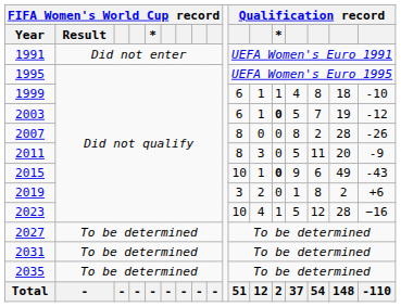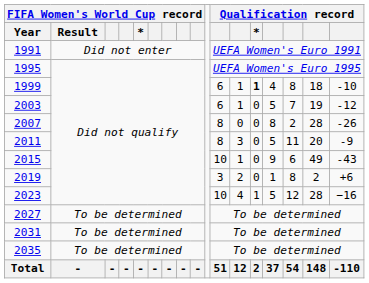 <table class="wikitable" style="text-align: center;">
 <tr>
 <th colspan=9><a href='#'>FIFA Women's World Cup</a> record</th>
 <td rowspan=100></td>
 <th colspan=7><a href='#'>Qualification</a> record</th>
 </tr>
 <tr>
 <th>Year</th>
 <th>Result</th>
 <th></th>
 <th></th>
 <th>*</th>
 <th></th>
 <th></th>
 <th></th>
 <th><br></th>
 <th></th>
 <th></th>
 <th>*</th>
 <th></th>
 <th></th>
 <th></th>
 <th></th>
 </tr>
 <tr>
 <td> <a href='#'>1991</a></td>
 <td colspan=8><em>Did not enter</em></td>
 <td colspan=7><em><a href='#'>UEFA Women's Euro 1991</a></em></td>
 </tr>
 <tr>
 <td> <a href='#'>1995</a></td>
 <td colspan=8 rowspan=8><em>Did not qualify</em></td>
 <td colspan=7><em><a href='#'>UEFA Women's Euro 1995</a></em></td>
 </tr>
 <tr>
 <td> <a href='#'>1999</a></td>
 <td>6</td>
 <td>1</td>
-<td>1</td>
+<td><strong>1</strong></td>
 <td>4</td>
 <td>8</td>
 <td>18</td>
 <td>-10</td>
 </tr>
 <tr>
 <td> <a href='#'>2003</a></td>
 <td>6</td>
 <td>1</td>
-<td><strong>0</strong></td>
+<td>0</td>
 <td>5</td>
 <td>7</td>
 <td>19</td>
 <td>-12</td>
 </tr>
 <tr>
 <td> <a href='#'>2007</a></td>
 <td>8</td>
 <td>0</td>
 <td>0</td>
 <td>8</td>
 <td>2</td>
 <td>28</td>
 <td>-26</td>
 </tr>
 <tr>
 <td> <a href='#'>2011</a></td>
 <td>8</td>
 <td>3</td>
 <td>0</td>
 <td>5</td>
 <td>11</td>
 <td>20</td>
 <td>-9</td>
 </tr>
 <tr>
 <td> <a href='#'>2015</a></td>
 <td>10</td>
 <td>1</td>
-<td><strong>0</strong></td>
+<td>0</td>
 <td>9</td>
 <td>6</td>
 <td>49</td>
 <td>-43</td>
 </tr>
 <tr>
 <td> <a href='#'>2019</a></td>
 <td>3</td>
 <td>2</td>
 <td>0</td>
 <td>1</td>
 <td>8</td>
 <td>2</td>
 <td>+6</td>
 </tr>
 <tr>
 <td> <a href='#'>2023</a></td>
 <td>10</td>
 <td>4</td>
 <td>1</td>
 <td>5</td>
 <td>12</td>
 <td>28</td>
 <td>−16</td>
 </tr>
 <tr>
 <td> <a href='#'>2027</a></td>
 <td colspan=8><em>To be determined</em></td>
 <td colspan=7><em>To be determined</em></td>
 </tr>
 <tr>
 <td> <a href='#'>2031</a></td>
 <td colspan=8><em>To be determined</em></td>
 <td colspan=7><em>To be determined</em></td>
 </tr>
 <tr>
 <td> <a href='#'>2035</a></td>
 <td colspan=8><em>To be determined</em></td>
 <td colspan=7><em>To be determined</em></td>
 </tr>
 <tr>
 <th>Total</th>
 <th>-</th>
 <th>-</th>
 <th>-</th>
 <th>-</th>
 <th>-</th>
 <th>-</th>
 <th>-</th>
 <th>-</th>
 <th>51</th>
 <th>12</th>
 <th>2</th>
 <th>37</th>
 <th>54</th>
 <th>148</th>
 <th>-110</th>
 </tr>
 </table>
